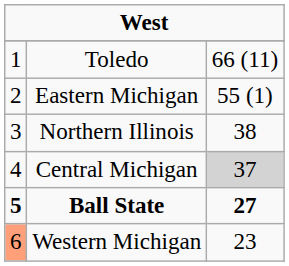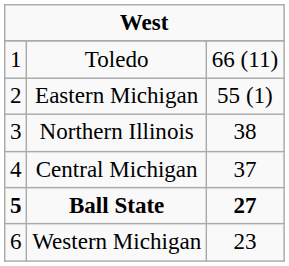 <table class="wikitable" style="display: inline-table;">
 <tr align="center">
 <td align="center" Colspan="3"><strong>West</strong></td>
 </tr>
 <tr align="center">
 </tr>
 <tr align="center">
 <td>1</td>
 <td>Toledo</td>
 <td>66 (11)</td>
 </tr>
 <tr align="center">
 <td>2</td>
 <td>Eastern Michigan</td>
 <td>55 (1)</td>
 </tr>
 <tr align="center">
 <td>3</td>
 <td>Northern Illinois</td>
 <td>38</td>
 </tr>
 <tr align="center">
 <td>4</td>
 <td>Central Michigan</td>
-<td style="background: lightgrey;">37</td>
+<td>37</td>
 </tr>
 <tr align="center">
 <td><strong>5</strong></td>
 <td><strong>Ball State</strong></td>
 <td><strong>27</strong></td>
 </tr>
 <tr align="center">
-<td style="background: lightsalmon;">6</td>
+<td>6</td>
 <td>Western Michigan</td>
 <td>23</td>
 </tr>
 </table>
